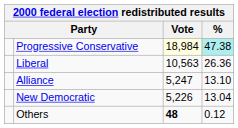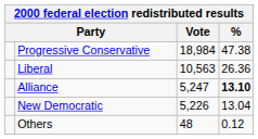 <table class="wikitable">
 <tr>
 <th colspan="4"><a href='#'>2000 federal election</a> redistributed results</th>
 </tr>
 <tr>
 <th bgcolor="#DDDDFF" width="230px" colspan="2">Party</th>
 <th bgcolor="#DDDDFF" width="50px">Vote</th>
 <th bgcolor="#DDDDFF" width="30px">%</th>
 </tr>
 <tr>
 <td> </td>
 <td><a href='#'>Progressive Conservative</a></td>
-<td style="background: lightyellow;">18,984</td>
-<td style="background: paleturquoise;">47.38</td>
+<td>18,984</td>
+<td>47.38</td>
 </tr>
 <tr>
 <td> </td>
 <td><a href='#'>Liberal</a></td>
 <td>10,563</td>
 <td>26.36</td>
 </tr>
 <tr>
 <td> </td>
 <td><a href='#'>Alliance</a></td>
 <td>5,247</td>
-<td>13.10</td>
+<td><strong>13.10</strong></td>
 </tr>
 <tr>
 <td> </td>
 <td><a href='#'>New Democratic</a></td>
 <td>5,226</td>
 <td>13.04</td>
 </tr>
 <tr>
 <td> </td>
 <td>Others</td>
-<td><strong>48</strong></td>
+<td>48</td>
 <td>0.12</td>
 </tr>
 </table>
